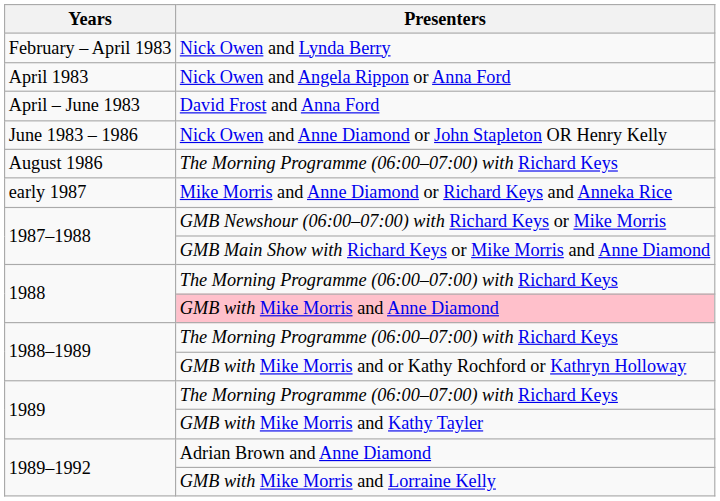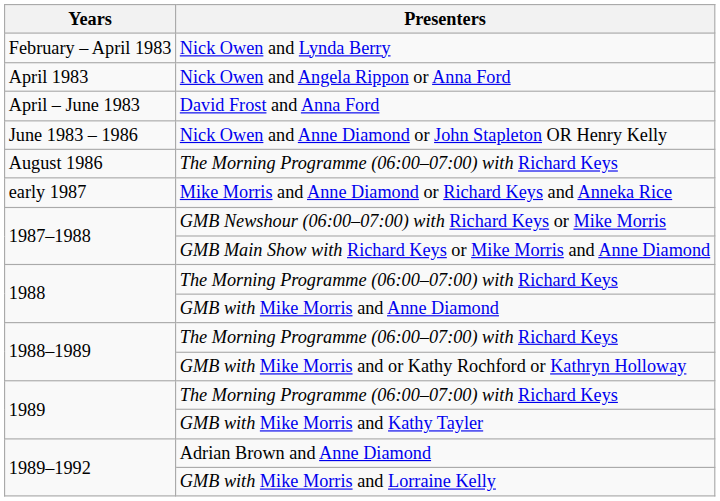 <table class="wikitable">
 <tr>
 <th>Years</th>
 <th>Presenters</th>
 </tr>
 <tr>
 <td>February – April 1983</td>
 <td><a href='#'>Nick Owen</a> and <a href='#'>Lynda Berry</a></td>
 </tr>
 <tr>
 <td>April 1983</td>
 <td><a href='#'>Nick Owen</a> and <a href='#'>Angela Rippon</a> or  <a href='#'>Anna Ford</a></td>
 </tr>
 <tr>
 <td>April – June 1983</td>
 <td><a href='#'>David Frost</a> and <a href='#'>Anna Ford</a></td>
 </tr>
 <tr>
 <td>June 1983 – 1986</td>
 <td><a href='#'>Nick Owen</a> and <a href='#'>Anne Diamond</a> or <a href='#'>John Stapleton</a> OR Henry Kelly</td>
 </tr>
 <tr>
 <td>August 1986</td>
 <td><em>The Morning Programme (06:00–07:00) with</em> <a href='#'>Richard Keys</a></td>
 </tr>
 <tr>
 <td>early 1987</td>
 <td><a href='#'>Mike Morris</a> and <a href='#'>Anne Diamond</a> or <a href='#'>Richard Keys</a> and <a href='#'>Anneka Rice</a></td>
 </tr>
 <tr>
 <td rowspan=2>1987–1988</td>
 <td><em>GMB Newshour (06:00–07:00) with</em> <a href='#'>Richard Keys</a> or <a href='#'>Mike Morris</a></td>
 </tr>
 <tr>
 <td><em>GMB Main Show with</em> <a href='#'>Richard Keys</a> or <a href='#'>Mike Morris</a> and <a href='#'>Anne Diamond</a></td>
 </tr>
 <tr>
 <td rowspan=2>1988</td>
 <td><em>The Morning Programme (06:00–07:00) with</em> <a href='#'>Richard Keys</a></td>
 </tr>
 <tr>
-<td style="background: pink;"><em>GMB with</em> <a href='#'>Mike Morris</a> and <a href='#'>Anne Diamond</a></td>
+<td><em>GMB with</em> <a href='#'>Mike Morris</a> and <a href='#'>Anne Diamond</a></td>
 </tr>
 <tr>
 <td rowspan=2>1988–1989</td>
 <td><em>The Morning Programme (06:00–07:00) with</em> <a href='#'>Richard Keys</a></td>
 </tr>
 <tr>
 <td><em>GMB with</em> <a href='#'>Mike Morris</a> and or Kathy Rochford or <a href='#'>Kathryn Holloway</a></td>
 </tr>
 <tr>
 <td rowspan=2>1989</td>
 <td><em>The Morning Programme (06:00–07:00) with</em> <a href='#'>Richard Keys</a></td>
 </tr>
 <tr>
 <td><em>GMB with</em> <a href='#'>Mike Morris</a> and <a href='#'>Kathy Tayler</a></td>
 </tr>
 <tr>
 <td rowspan=2>1989–1992</td>
 <td>Adrian Brown and <a href='#'>Anne Diamond</a></td>
 </tr>
 <tr>
 <td><em>GMB with</em> <a href='#'>Mike Morris</a> and <a href='#'>Lorraine Kelly</a></td>
 </tr>
 </table>
